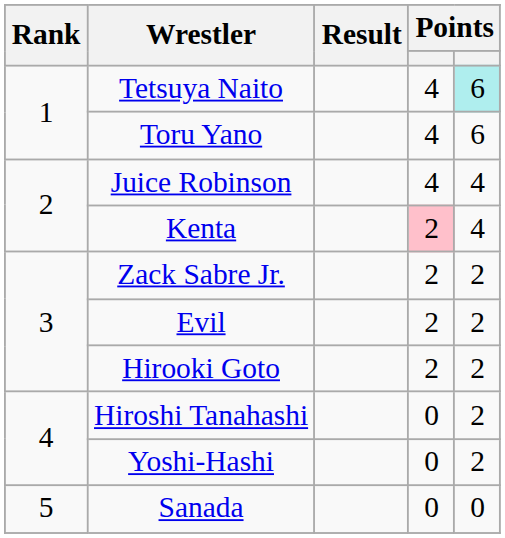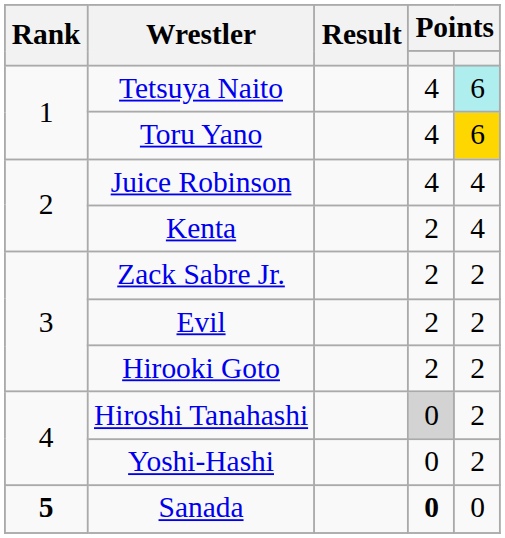 <table class="wikitable mw-collapsible mw-collapsed" plainrowheaders sortable" style="text-align: center">
 <tr>
 <th scope="col" rowspan="2">Rank</th>
 <th scope="col" rowspan="2">Wrestler</th>
 <th scope="col" rowspan="2">Result</th>
 <th scope="col" colspan="2">Points</th>
 </tr>
 <tr>
 <th></th>
 <th></th>
 </tr>
 <tr>
 <td rowspan="2">1</td>
 <td><a href='#'>Tetsuya Naito</a></td>
 <td></td>
 <td>4</td>
 <td style="background: paleturquoise;">6</td>
 </tr>
 <tr>
 <td><a href='#'>Toru Yano</a></td>
 <td></td>
 <td>4</td>
-<td>6</td>
+<td style="background: gold;">6</td>
 </tr>
 <tr>
 <td rowspan="2">2</td>
 <td><a href='#'>Juice Robinson</a></td>
 <td></td>
 <td>4</td>
 <td>4</td>
 </tr>
 <tr>
 <td><a href='#'>Kenta</a></td>
 <td></td>
-<td style="background: pink;">2</td>
+<td>2</td>
 <td>4</td>
 </tr>
 <tr>
 <td rowspan="3">3</td>
 <td><a href='#'>Zack Sabre Jr.</a></td>
 <td></td>
 <td>2</td>
 <td>2</td>
 </tr>
 <tr>
 <td><a href='#'>Evil</a></td>
 <td></td>
 <td>2</td>
 <td>2</td>
 </tr>
 <tr>
 <td><a href='#'>Hirooki Goto</a></td>
 <td></td>
 <td>2</td>
 <td>2</td>
 </tr>
 <tr>
 <td rowspan="2">4</td>
 <td><a href='#'>Hiroshi Tanahashi</a></td>
 <td></td>
-<td>0</td>
+<td style="background: lightgrey;">0</td>
 <td>2</td>
 </tr>
 <tr>
 <td><a href='#'>Yoshi-Hashi</a></td>
 <td></td>
 <td>0</td>
 <td>2</td>
 </tr>
 <tr>
-<td>5</td>
+<td><strong>5</strong></td>
 <td><a href='#'>Sanada</a></td>
 <td></td>
-<td>0</td>
+<td><strong>0</strong></td>
 <td>0</td>
 </tr>
 </table>
